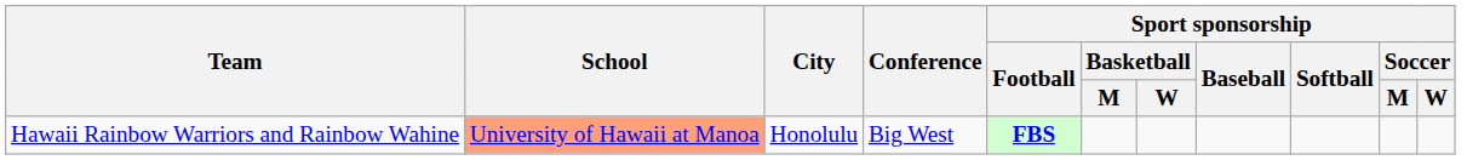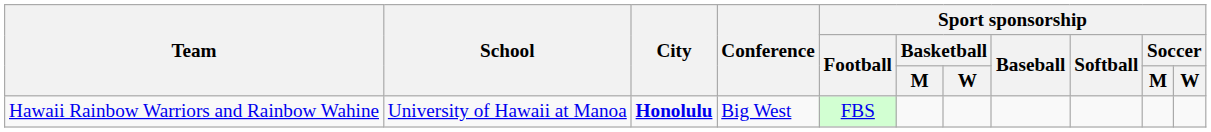 <table class="sortable wikitable">
 <tr>
 <th rowspan=3>Team</th>
 <th rowspan=3>School</th>
 <th rowspan=3>City</th>
 <th rowspan=3>Conference</th>
 <th colspan=7>Sport sponsorship</th>
 </tr>
 <tr>
 <th rowspan=2>Football</th>
 <th colspan=2>Basketball</th>
 <th rowspan=2>Baseball</th>
 <th rowspan=2>Softball</th>
 <th colspan=2>Soccer</th>
 </tr>
 <tr>
 <th>M</th>
 <th>W</th>
 <th>M</th>
 <th>W</th>
 </tr>
 <tr>
 <td><a href='#'>Hawaii Rainbow Warriors and Rainbow Wahine</a></td>
-<td style="background: lightsalmon;"><a href='#'>University of Hawaii at Manoa</a></td>
-<td><a href='#'>Honolulu</a></td>
+<td><a href='#'>University of Hawaii at Manoa</a></td>
+<td><strong><a href='#'>Honolulu</a></strong></td>
 <td><a href='#'>Big West</a></td>
-<td style="background:#D2FFD2; text-align:center"><strong><a href='#'>FBS</a> </strong></td>
+<td style="background:#D2FFD2; text-align:center"><a href='#'>FBS</a> </td>
 <td></td>
 <td></td>
 <td></td>
 <td></td>
 <td></td>
 <td></td>
 </tr>
 </table>
